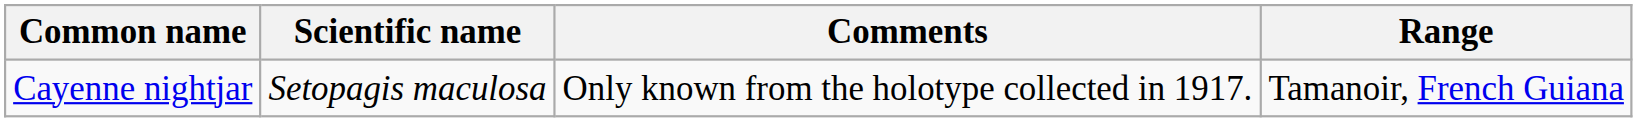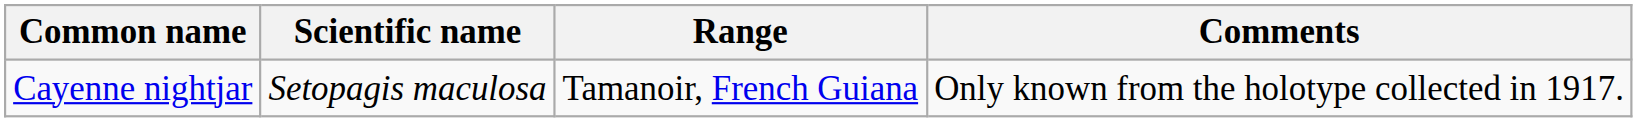 <table class="wikitable">
 <tr>
 <th>Common name</th>
 <th>Scientific name</th>
+<th>Range</th>
 <th class="unsortable">Comments</th>
-<th>Range</th>
 </tr>
 <tr>
 <td><a href='#'>Cayenne nightjar</a></td>
 <td><em>Setopagis maculosa</em></td>
+<td>Tamanoir, <a href='#'>French Guiana</a></td>
 <td>Only known from the holotype collected in 1917.</td>
-<td>Tamanoir, <a href='#'>French Guiana</a></td>
 </tr>
 </table>
